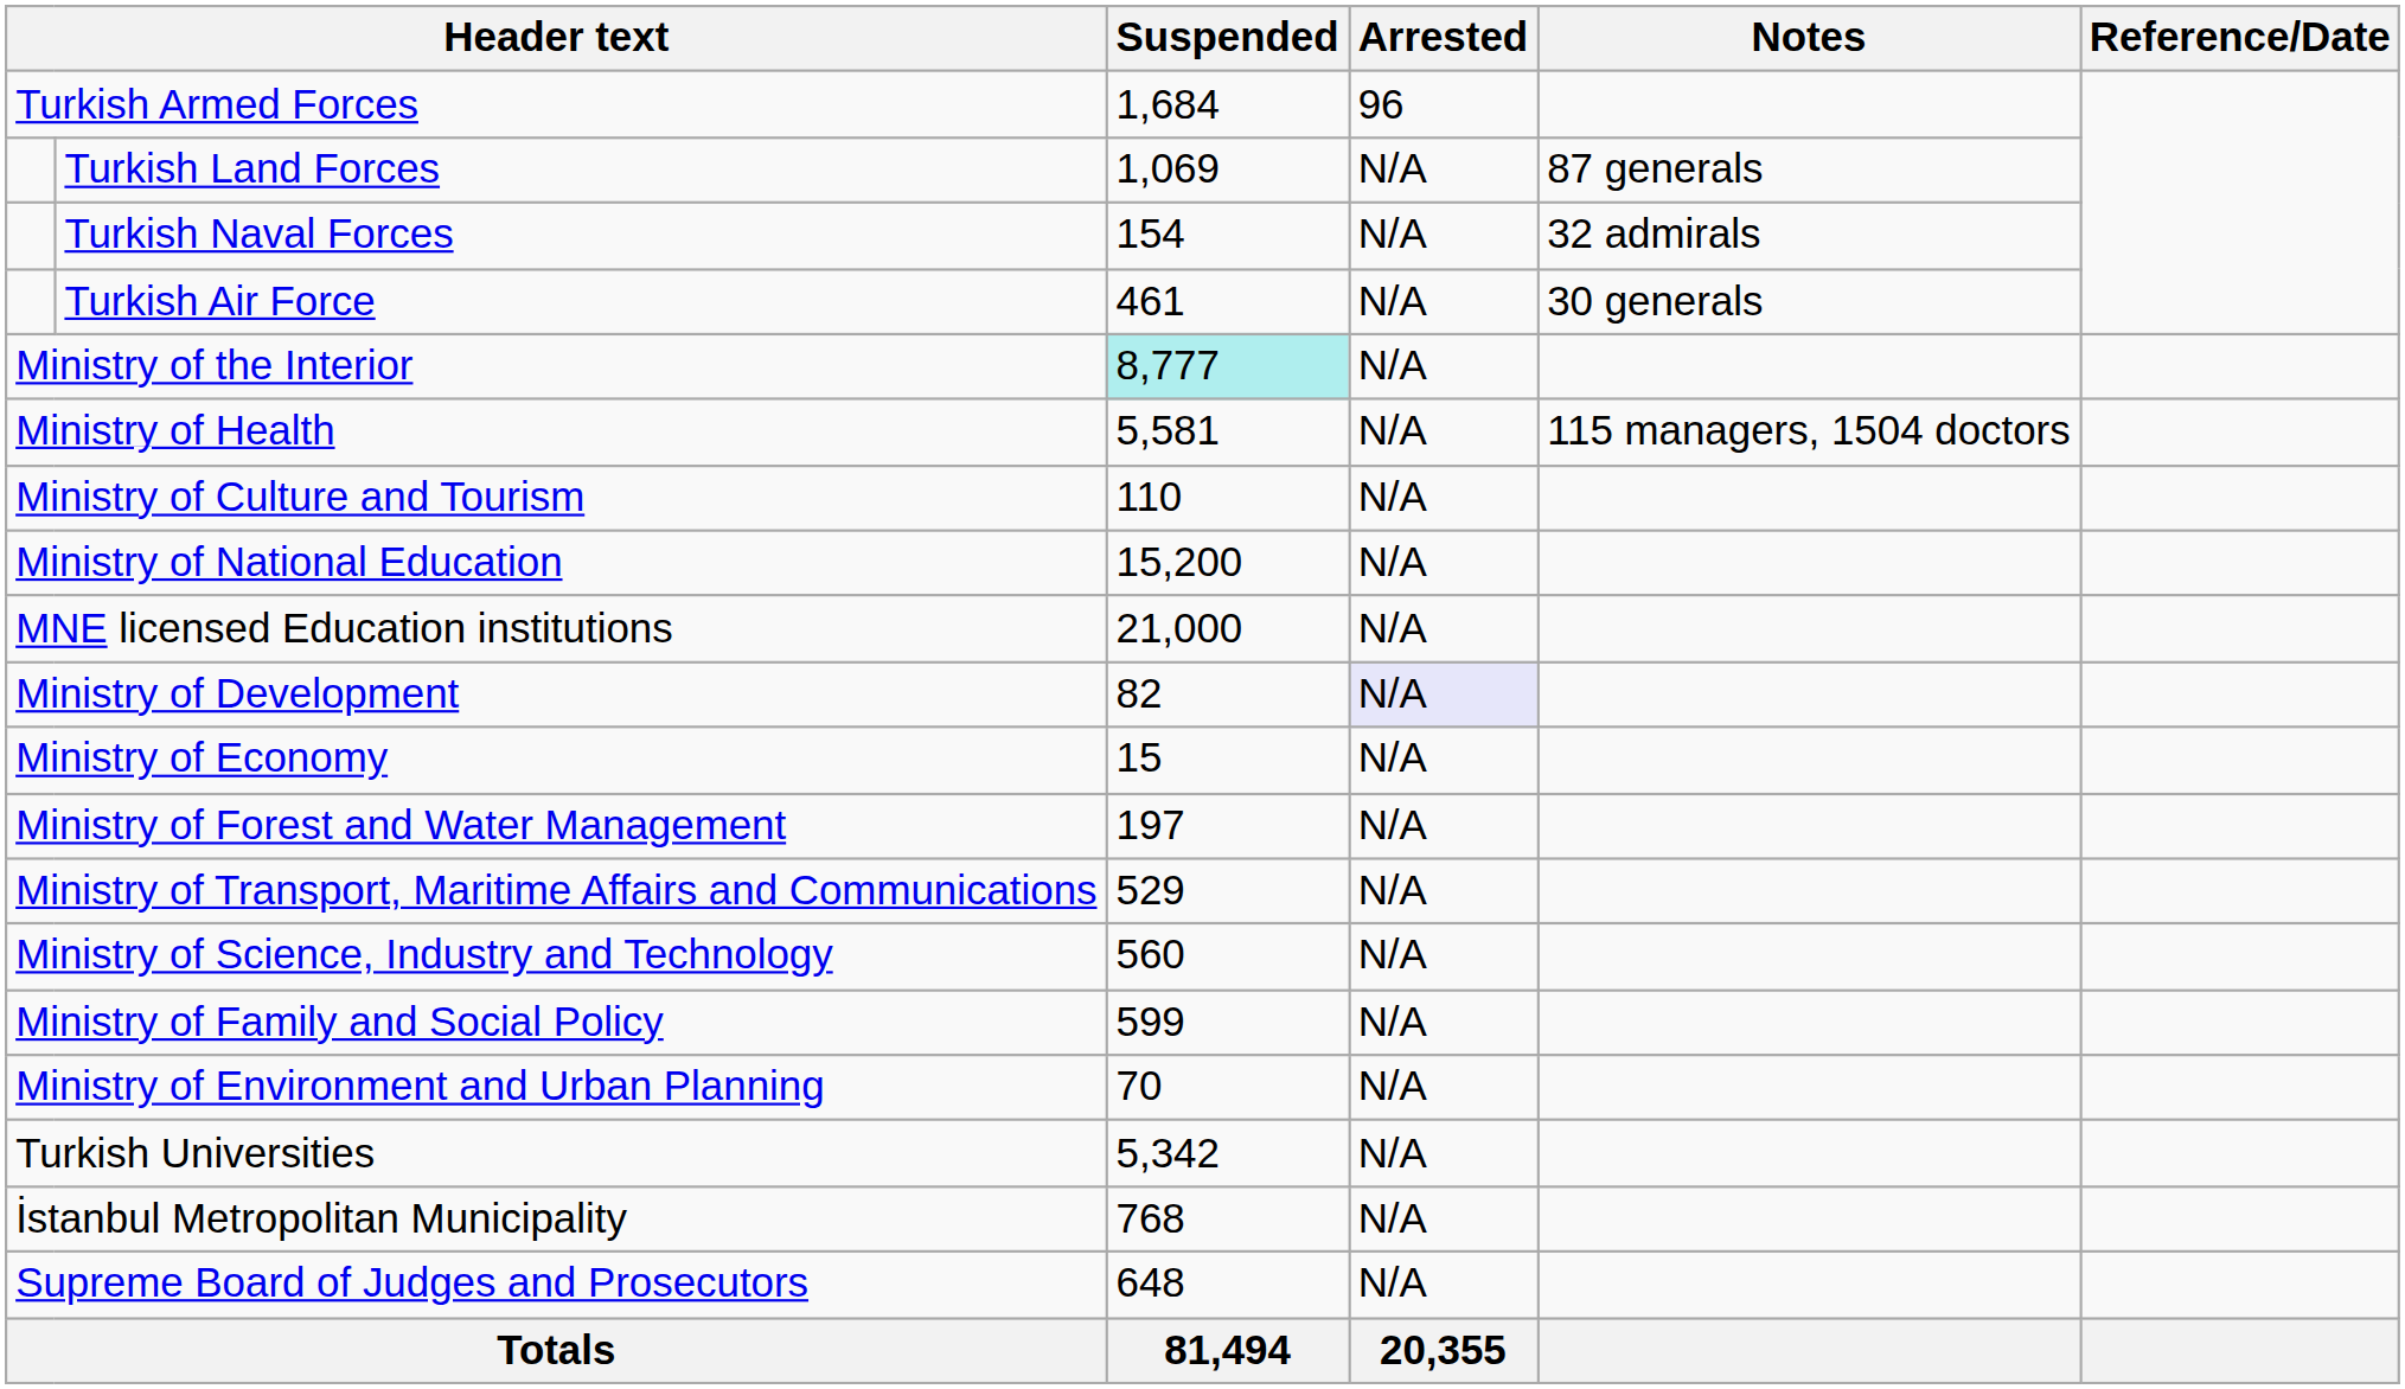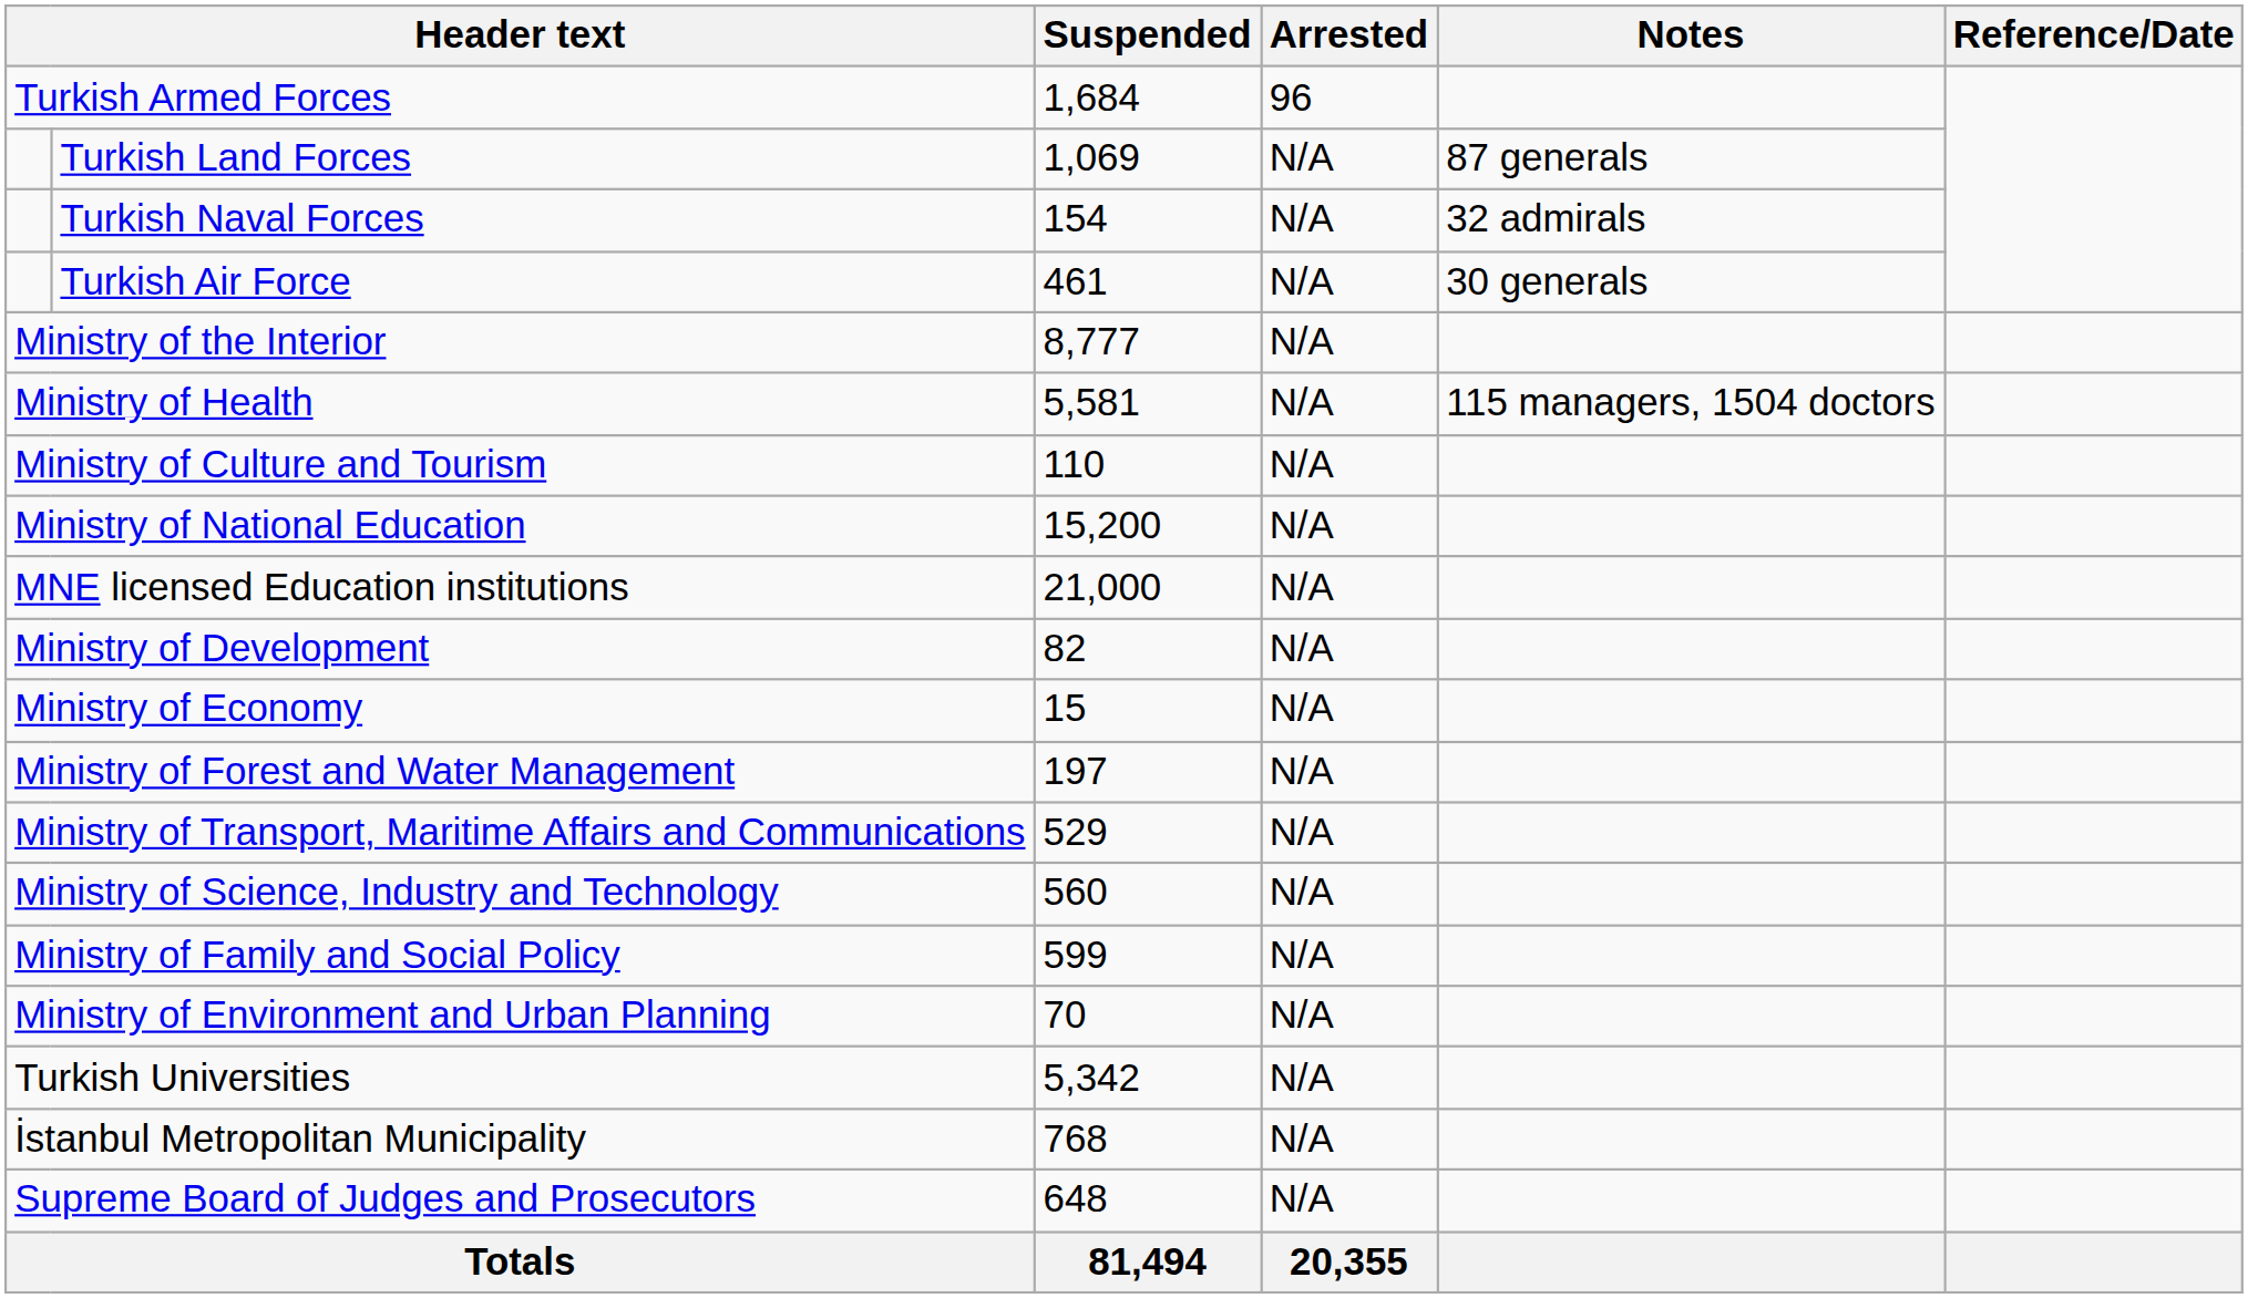 <table class="wikitable">
 <tr>
 <th colspan="2">Header text</th>
 <th>Suspended</th>
 <th>Arrested</th>
 <th>Notes</th>
 <th>Reference/Date</th>
 </tr>
 <tr>
 <td colspan="2"><a href='#'>Turkish Armed Forces</a></td>
 <td>1,684</td>
 <td>96</td>
 <td></td>
 <td rowspan="4"><br></td>
 </tr>
 <tr>
 <td></td>
 <td><a href='#'>Turkish Land Forces</a></td>
 <td>1,069</td>
 <td>N/A</td>
 <td>87 generals</td>
 </tr>
 <tr>
 <td></td>
 <td><a href='#'>Turkish Naval Forces</a></td>
 <td>154</td>
 <td>N/A</td>
 <td>32 admirals</td>
 </tr>
 <tr>
 <td></td>
 <td><a href='#'>Turkish Air Force</a></td>
 <td>461</td>
 <td>N/A</td>
 <td>30 generals</td>
 </tr>
 <tr>
 <td colspan="2"><a href='#'>Ministry of the Interior</a></td>
-<td style="background: paleturquoise;">8,777</td>
+<td>8,777</td>
 <td>N/A</td>
 <td></td>
 <td></td>
 </tr>
 <tr>
 <td colspan="2"><a href='#'>Ministry of Health</a></td>
 <td>5,581</td>
 <td>N/A</td>
 <td>115 managers, 1504 doctors</td>
 <td></td>
 </tr>
 <tr>
 <td colspan="2"><a href='#'>Ministry of Culture and Tourism</a></td>
 <td>110</td>
 <td>N/A</td>
 <td></td>
 <td></td>
 </tr>
 <tr>
 <td colspan="2"><a href='#'>Ministry of National Education</a></td>
 <td>15,200</td>
 <td>N/A</td>
 <td></td>
 <td></td>
 </tr>
 <tr>
 <td colspan="2"><a href='#'>MNE</a> licensed Education institutions</td>
 <td>21,000</td>
 <td>N/A</td>
 <td></td>
 <td></td>
 </tr>
 <tr>
 <td colspan="2"><a href='#'>Ministry of Development</a></td>
 <td>82</td>
-<td style="background: lavender;">N/A</td>
+<td>N/A</td>
 <td></td>
 <td></td>
 </tr>
 <tr>
 <td colspan="2"><a href='#'>Ministry of Economy</a></td>
 <td>15</td>
 <td>N/A</td>
 <td></td>
 <td></td>
 </tr>
 <tr>
 <td colspan="2"><a href='#'>Ministry of Forest and Water Management</a></td>
 <td>197</td>
 <td>N/A</td>
 <td></td>
 <td></td>
 </tr>
 <tr>
 <td colspan="2"><a href='#'>Ministry of Transport, Maritime Affairs and Communications</a></td>
 <td>529</td>
 <td>N/A</td>
 <td></td>
 <td></td>
 </tr>
 <tr>
 <td colspan="2"><a href='#'>Ministry of Science, Industry and Technology</a></td>
 <td>560</td>
 <td>N/A</td>
 <td></td>
 <td></td>
 </tr>
 <tr>
 <td colspan="2"><a href='#'>Ministry of Family and Social Policy</a></td>
 <td>599</td>
 <td>N/A</td>
 <td></td>
 <td></td>
 </tr>
 <tr>
 <td colspan="2"><a href='#'>Ministry of Environment and Urban Planning</a></td>
 <td>70</td>
 <td>N/A</td>
 <td></td>
 <td></td>
 </tr>
 <tr>
 <td colspan="2">Turkish Universities</td>
 <td>5,342</td>
 <td>N/A</td>
 <td></td>
 <td></td>
 </tr>
 <tr>
 <td colspan="2">İstanbul Metropolitan Municipality</td>
 <td>768</td>
 <td>N/A</td>
 <td></td>
 <td></td>
 </tr>
 <tr>
 <td colspan="2"><a href='#'>Supreme Board of Judges and Prosecutors</a></td>
 <td>648</td>
 <td>N/A</td>
 <td></td>
 <td></td>
 </tr>
 <tr>
 <th colspan="2">Totals</th>
 <th>81,494</th>
 <th>20,355</th>
 <th></th>
 <th><br></th>
 </tr>
 </table>
